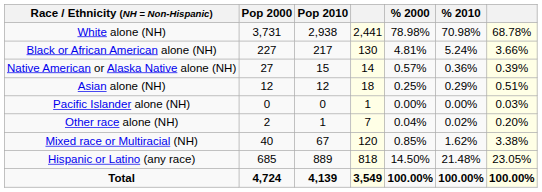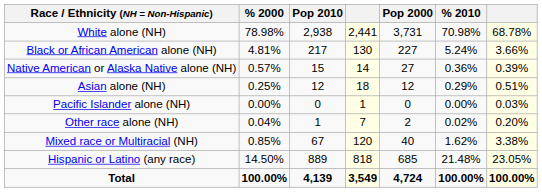 <table class="wikitable" style="text-align:center;">
 <tr>
 <th>Race / Ethnicity <small>(<em>NH = Non-Hispanic</em>)</small></th>
-<th>Pop 2000</th>
+<th>% 2000</th>
 <th>Pop 2010</th>
 <th></th>
-<th>% 2000</th>
+<th>Pop 2000</th>
 <th>% 2010</th>
 <th></th>
 </tr>
 <tr>
 <td><a href='#'>White</a> alone (NH)</td>
-<td>3,731</td>
+<td>78.98%</td>
 <td>2,938</td>
 <td style='background: #ffffe6;'>2,441</td>
-<td>78.98%</td>
+<td>3,731</td>
 <td>70.98%</td>
 <td style='background: #ffffe6;'>68.78%</td>
 </tr>
 <tr>
 <td><a href='#'>Black or African American</a> alone (NH)</td>
-<td>227</td>
+<td>4.81%</td>
 <td>217</td>
 <td style='background: #ffffe6;'>130</td>
-<td>4.81%</td>
+<td>227</td>
 <td>5.24%</td>
 <td style='background: #ffffe6;'>3.66%</td>
 </tr>
 <tr>
 <td><a href='#'>Native American</a> or <a href='#'>Alaska Native</a> alone (NH)</td>
-<td>27</td>
+<td>0.57%</td>
 <td>15</td>
 <td style='background: #ffffe6;'>14</td>
-<td>0.57%</td>
+<td>27</td>
 <td>0.36%</td>
 <td style='background: #ffffe6;'>0.39%</td>
 </tr>
 <tr>
 <td><a href='#'>Asian</a> alone (NH)</td>
-<td>12</td>
+<td>0.25%</td>
 <td>12</td>
 <td style='background: #ffffe6;'>18</td>
-<td>0.25%</td>
+<td>12</td>
 <td>0.29%</td>
 <td style='background: #ffffe6;'>0.51%</td>
 </tr>
 <tr>
 <td><a href='#'>Pacific Islander</a> alone (NH)</td>
-<td>0</td>
+<td>0.00%</td>
 <td>0</td>
 <td style='background: #ffffe6;'>1</td>
-<td>0.00%</td>
+<td>0</td>
 <td>0.00%</td>
 <td style='background: #ffffe6;'>0.03%</td>
 </tr>
 <tr>
 <td><a href='#'>Other race</a> alone (NH)</td>
-<td>2</td>
+<td>0.04%</td>
 <td>1</td>
 <td style='background: #ffffe6;'>7</td>
-<td>0.04%</td>
+<td>2</td>
 <td>0.02%</td>
 <td style='background: #ffffe6;'>0.20%</td>
 </tr>
 <tr>
 <td><a href='#'>Mixed race or Multiracial</a> (NH)</td>
-<td>40</td>
+<td>0.85%</td>
 <td>67</td>
 <td style='background: #ffffe6;'>120</td>
-<td>0.85%</td>
+<td>40</td>
 <td>1.62%</td>
 <td style='background: #ffffe6;'>3.38%</td>
 </tr>
 <tr>
 <td><a href='#'>Hispanic or Latino</a> (any race)</td>
-<td>685</td>
+<td>14.50%</td>
 <td>889</td>
 <td style='background: #ffffe6;'>818</td>
-<td>14.50%</td>
+<td>685</td>
 <td>21.48%</td>
 <td style='background: #ffffe6;'>23.05%</td>
 </tr>
 <tr>
 <td><strong>Total</strong></td>
-<td><strong>4,724</strong></td>
+<td><strong>100.00%</strong></td>
 <td><strong>4,139</strong></td>
 <td style='background: #ffffe6;'><strong>3,549</strong></td>
-<td><strong>100.00%</strong></td>
+<td><strong>4,724</strong></td>
 <td><strong>100.00%</strong></td>
 <td style='background: #ffffe6;'><strong>100.00%</strong></td>
 </tr>
 </table>
